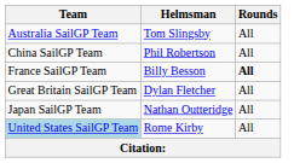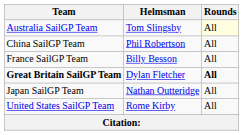 <table class="wikitable">
 <tr>
 <th>Team</th>
 <th>Helmsman</th>
 <th>Rounds</th>
 </tr>
 <tr>
 <td> <a href='#'>Australia SailGP Team</a></td>
 <td> <a href='#'>Tom Slingsby</a></td>
-<td>All</td>
+<td style="background: lightyellow;">All</td>
 </tr>
 <tr>
 <td> China SailGP Team</td>
 <td> <a href='#'>Phil Robertson</a></td>
 <td>All</td>
 </tr>
 <tr>
 <td> France SailGP Team</td>
 <td> <a href='#'>Billy Besson</a></td>
-<td><strong>All</strong></td>
+<td>All</td>
 </tr>
 <tr>
-<td> Great Britain SailGP Team</td>
+<td><strong> Great Britain SailGP Team</strong></td>
 <td> <a href='#'>Dylan Fletcher</a></td>
-<td>All</td>
+<td><strong>All</strong></td>
 </tr>
 <tr>
 <td> Japan SailGP Team</td>
 <td> <a href='#'>Nathan Outteridge</a></td>
 <td>All</td>
 </tr>
 <tr>
-<td style="background: lightblue;"> <a href='#'>United States SailGP Team</a></td>
+<td> <a href='#'>United States SailGP Team</a></td>
 <td> <a href='#'>Rome Kirby</a></td>
 <td>All</td>
 </tr>
 <tr>
 <th colspan="3">Citation:</th>
 </tr>
 </table>
